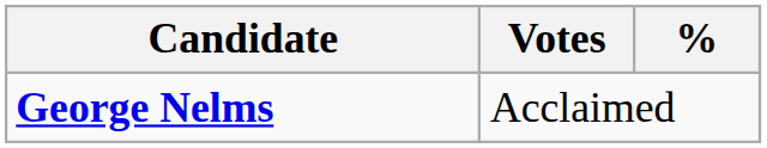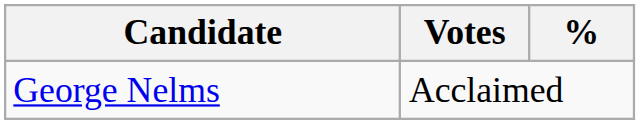 <table class="wikitable">
 <tr>
 <th style="width: 170px">Candidate</th>
 <th style="width: 50px">Votes</th>
 <th style="width: 40px">%</th>
 </tr>
 <tr>
-<td><strong><a href='#'>George Nelms</a></strong></td>
+<td><a href='#'>George Nelms</a></td>
 <td colspan="2">Acclaimed</td>
 </tr>
 </table>
